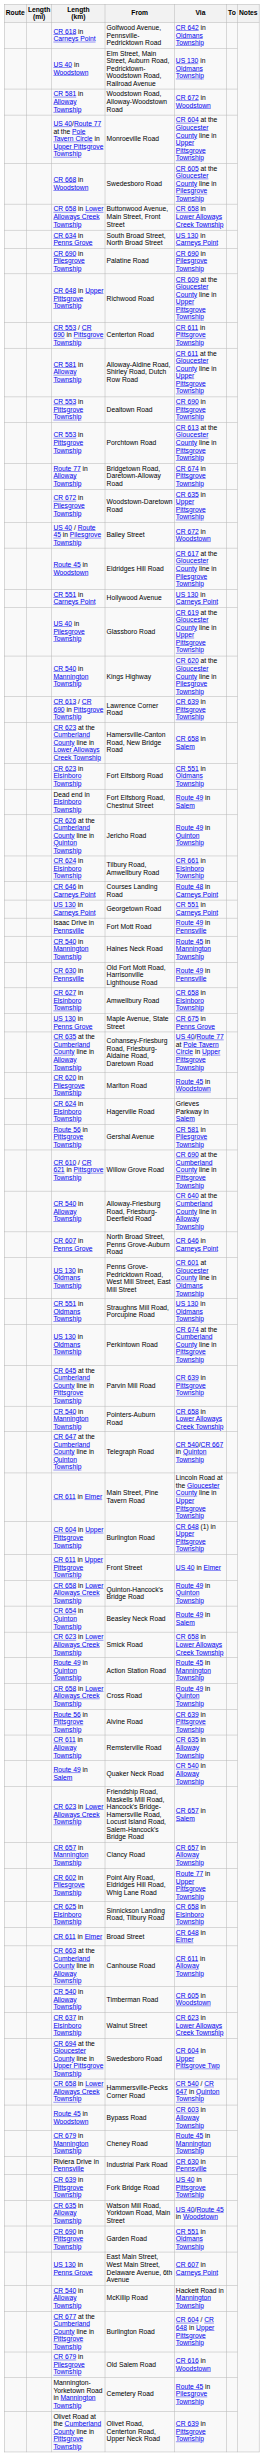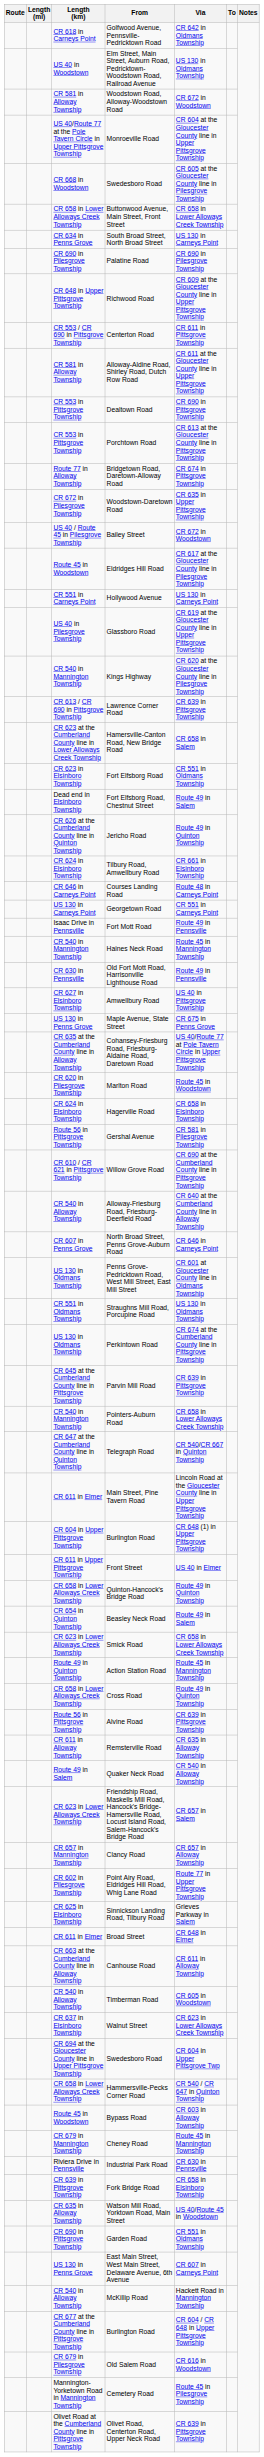 <table class="wikitable sortable">
 <tr>
 <th>Route</th>
 <th>Length<br>(mi)</th>
 <th>Length<br>(km)</th>
 <th class="unsortable">From</th>
 <th class="unsortable">Via</th>
 <th class="unsortable">To</th>
 <th class="unsortable">Notes</th>
 </tr>
 <tr>
 <td id="601"></td>
 <td></td>
 <td><a href='#'>CR 618</a> in <a href='#'>Carneys Point</a></td>
 <td>Golfwood Avenue, Pennsville-Pedricktown Road</td>
 <td><a href='#'>CR 642</a> in <a href='#'>Oldmans Township</a></td>
 <td></td>
 </tr>
 <tr>
 <td id="602"></td>
 <td></td>
 <td><a href='#'>US 40</a> in <a href='#'>Woodstown</a></td>
 <td>Elm Street, Main Street, Auburn Road, Pedricktown-Woodstown Road, Railroad Avenue</td>
 <td><a href='#'>US 130</a> in <a href='#'>Oldmans Township</a></td>
 <td></td>
 </tr>
 <tr>
 <td id="603"></td>
 <td></td>
 <td><a href='#'>CR 581</a> in <a href='#'>Alloway Township</a></td>
 <td>Woodstown Road, Alloway-Woodstown Road</td>
 <td><a href='#'>CR 672</a> in <a href='#'>Woodstown</a></td>
 <td></td>
 </tr>
 <tr>
 <td id="604"></td>
 <td></td>
 <td><a href='#'>US 40</a>/<a href='#'>Route 77</a> at the <a href='#'>Pole Tavern Circle</a> in <a href='#'>Upper Pittsgrove Township</a></td>
 <td>Monroeville Road</td>
 <td><a href='#'>CR 604</a> at the <a href='#'>Gloucester County</a> line in <a href='#'>Upper Pittsgrove Township</a></td>
 <td></td>
 </tr>
 <tr>
 <td id="605"></td>
 <td></td>
 <td><a href='#'>CR 668</a> in <a href='#'>Woodstown</a></td>
 <td>Swedesboro Road</td>
 <td><a href='#'>CR 605</a> at the <a href='#'>Gloucester County</a> line in <a href='#'>Pilesgrove Township</a></td>
 <td></td>
 </tr>
 <tr>
 <td id="606"></td>
 <td></td>
 <td><a href='#'>CR 658</a> in <a href='#'>Lower Alloways Creek Township</a></td>
 <td>Buttonwood Avenue, Main Street, Front Street</td>
 <td><a href='#'>CR 658</a> in <a href='#'>Lower Alloways Creek Township</a></td>
 <td></td>
 </tr>
 <tr>
 <td id="607"></td>
 <td></td>
 <td><a href='#'>CR 634</a> in <a href='#'>Penns Grove</a></td>
 <td>South Broad Street, North Broad Street</td>
 <td><a href='#'>US 130</a> in <a href='#'>Carneys Point</a></td>
 <td></td>
 </tr>
 <tr>
 <td id="608"></td>
 <td></td>
 <td><a href='#'>CR 690</a> in <a href='#'>Pilesgrove Township</a></td>
 <td>Palatine Road</td>
 <td><a href='#'>CR 690</a> in <a href='#'>Pilesgrove Township</a></td>
 <td></td>
 </tr>
 <tr>
 <td id="609"></td>
 <td></td>
 <td><a href='#'>CR 648</a> in <a href='#'>Upper Pittsgrove Township</a></td>
 <td>Richwood Road</td>
 <td><a href='#'>CR 609</a> at the <a href='#'>Gloucester County</a> line in <a href='#'>Upper Pittsgrove Township</a></td>
 <td></td>
 </tr>
 <tr>
 <td id="610"></td>
 <td></td>
 <td><a href='#'>CR 553</a> / <a href='#'>CR 690</a> in <a href='#'>Pittsgrove Township</a></td>
 <td>Centerton Road</td>
 <td><a href='#'>CR 611</a> in <a href='#'>Pittsgrove Township</a></td>
 <td></td>
 </tr>
 <tr>
 <td id="611"></td>
 <td></td>
 <td><a href='#'>CR 581</a> in <a href='#'>Alloway Township</a></td>
 <td>Alloway-Aldine Road, Shirley Road, Dutch Row Road</td>
 <td><a href='#'>CR 611</a> at the <a href='#'>Gloucester County</a> line in <a href='#'>Upper Pittsgrove Township</a></td>
 <td></td>
 </tr>
 <tr>
 <td id="612"></td>
 <td></td>
 <td><a href='#'>CR 553</a> in <a href='#'>Pittsgrove Township</a></td>
 <td>Dealtown Road</td>
 <td><a href='#'>CR 690</a> in <a href='#'>Pittsgrove Township</a></td>
 <td></td>
 </tr>
 <tr>
 <td id="613"></td>
 <td></td>
 <td><a href='#'>CR 553</a> in <a href='#'>Pittsgrove Township</a></td>
 <td>Porchtown Road</td>
 <td><a href='#'>CR 613</a> at the <a href='#'>Gloucester County</a> line in <a href='#'>Pittsgrove Township</a></td>
 <td></td>
 </tr>
 <tr>
 <td id="614"></td>
 <td></td>
 <td><a href='#'>Route 77</a> in <a href='#'>Alloway Township</a></td>
 <td>Bridgetown Road, Daretown-Alloway Road</td>
 <td><a href='#'>CR 674</a> in <a href='#'>Pittsgrove Township</a></td>
 <td></td>
 </tr>
 <tr>
 <td id="615"></td>
 <td></td>
 <td><a href='#'>CR 672</a> in <a href='#'>Pilesgrove Township</a></td>
 <td>Woodstown-Daretown Road</td>
 <td><a href='#'>CR 635</a> in <a href='#'>Upper Pittsgrove Township</a></td>
 <td></td>
 </tr>
 <tr>
 <td id="616"></td>
 <td></td>
 <td><a href='#'>US 40</a> / <a href='#'>Route 45</a> in <a href='#'>Pilesgrove Township</a></td>
 <td>Bailey Street</td>
 <td><a href='#'>CR 672</a> in <a href='#'>Woodstown</a></td>
 <td></td>
 </tr>
 <tr>
 <td id="617"></td>
 <td></td>
 <td><a href='#'>Route 45</a> in <a href='#'>Woodstown</a></td>
 <td>Eldridges Hill Road</td>
 <td><a href='#'>CR 617</a> at the <a href='#'>Gloucester County</a> line in <a href='#'>Pilesgrove Township</a></td>
 <td></td>
 </tr>
 <tr>
 <td id="618"></td>
 <td></td>
 <td><a href='#'>CR 551</a> in <a href='#'>Carneys Point</a></td>
 <td>Hollywood Avenue</td>
 <td><a href='#'>US 130</a> in <a href='#'>Carneys Point</a></td>
 <td></td>
 </tr>
 <tr>
 <td id="619"></td>
 <td></td>
 <td><a href='#'>US 40</a> in <a href='#'>Pilesgrove Township</a></td>
 <td>Glassboro Road</td>
 <td><a href='#'>CR 619</a> at the <a href='#'>Gloucester County</a> line in <a href='#'>Upper Pittsgrove Township</a></td>
 <td></td>
 </tr>
 <tr>
 <td id="620"></td>
 <td></td>
 <td><a href='#'>CR 540</a> in <a href='#'>Mannington Township</a></td>
 <td>Kings Highway</td>
 <td><a href='#'>CR 620</a> at the <a href='#'>Gloucester County</a> line in <a href='#'>Pilesgrove Township</a></td>
 <td></td>
 </tr>
 <tr>
 <td id="621"></td>
 <td></td>
 <td><a href='#'>CR 613</a> / <a href='#'>CR 690</a> in <a href='#'>Pittsgrove Township</a></td>
 <td>Lawrence Corner Road</td>
 <td><a href='#'>CR 639</a> in <a href='#'>Pittsgrove Township</a></td>
 <td></td>
 </tr>
 <tr>
 <td id="623"></td>
 <td></td>
 <td><a href='#'>CR 623</a> at the <a href='#'>Cumberland County</a> line in <a href='#'>Lower Alloways Creek Township</a></td>
 <td>Hamersville-Canton Road, New Bridge Road</td>
 <td><a href='#'>CR 658</a> in <a href='#'>Salem</a></td>
 <td></td>
 </tr>
 <tr>
 <td id="624"></td>
 <td></td>
 <td><a href='#'>CR 623</a> in <a href='#'>Elsinboro Township</a></td>
 <td>Fort Elfsborg Road</td>
 <td><a href='#'>CR 551</a> in <a href='#'>Oldmans Township</a></td>
 <td></td>
 </tr>
 <tr>
 <td id="625"></td>
 <td></td>
 <td>Dead end in <a href='#'>Elsinboro Township</a></td>
 <td>Fort Elfsborg Road, Chestnut Street</td>
 <td><a href='#'>Route 49</a> in <a href='#'>Salem</a></td>
 <td></td>
 </tr>
 <tr>
 <td id="626"></td>
 <td></td>
 <td><a href='#'>CR 626</a> at the <a href='#'>Cumberland County</a> line in <a href='#'>Quinton Township</a></td>
 <td>Jericho Road</td>
 <td><a href='#'>Route 49</a> in <a href='#'>Quinton Township</a></td>
 <td></td>
 </tr>
 <tr>
 <td id="627"></td>
 <td></td>
 <td><a href='#'>CR 624</a> in <a href='#'>Elsinboro Township</a></td>
 <td>Tilbury Road, Amwellbury Road</td>
 <td><a href='#'>CR 661</a> in <a href='#'>Elsinboro Township</a></td>
 <td></td>
 </tr>
 <tr>
 <td id="628"></td>
 <td></td>
 <td><a href='#'>CR 646</a> in <a href='#'>Carneys Point</a></td>
 <td>Courses Landing Road</td>
 <td><a href='#'>Route 48</a> in <a href='#'>Carneys Point</a></td>
 <td></td>
 </tr>
 <tr>
 <td id="629"></td>
 <td></td>
 <td><a href='#'>US 130</a> in <a href='#'>Carneys Point</a></td>
 <td>Georgetown Road</td>
 <td><a href='#'>CR 551</a> in <a href='#'>Carneys Point</a></td>
 <td></td>
 </tr>
 <tr>
 <td id="630"></td>
 <td></td>
 <td>Isaac Drive in <a href='#'>Pennsville</a></td>
 <td>Fort Mott Road</td>
 <td><a href='#'>Route 49</a> in <a href='#'>Pennsville</a></td>
 <td></td>
 </tr>
 <tr>
 <td id="631"></td>
 <td></td>
 <td><a href='#'>CR 540</a> in <a href='#'>Mannington Township</a></td>
 <td>Haines Neck Road</td>
 <td><a href='#'>Route 45</a> in <a href='#'>Mannington Township</a></td>
 <td></td>
 </tr>
 <tr>
 <td id="632"></td>
 <td></td>
 <td><a href='#'>CR 630</a> in <a href='#'>Pennsville</a></td>
 <td>Old Fort Mott Road, Harrisonville Lighthouse Road</td>
 <td><a href='#'>Route 49</a> in <a href='#'>Pennsville</a></td>
 <td></td>
 </tr>
 <tr>
 <td id="633"></td>
 <td></td>
 <td><a href='#'>CR 627</a> in <a href='#'>Elsinboro Township</a></td>
 <td>Amwellbury Road</td>
-<td><a href='#'>CR 658</a> in <a href='#'>Elsinboro Township</a></td>
+<td><a href='#'>US 40</a> in <a href='#'>Pittsgrove Township</a></td>
 <td></td>
 </tr>
 <tr>
 <td id="634"></td>
 <td></td>
 <td><a href='#'>US 130</a> in <a href='#'>Penns Grove</a></td>
 <td>Maple Avenue, State Street</td>
 <td><a href='#'>CR 675</a> in <a href='#'>Penns Grove</a></td>
 <td></td>
 </tr>
 <tr>
 <td id="635"></td>
 <td></td>
 <td><a href='#'>CR 635</a> at the <a href='#'>Cumberland County</a> line in <a href='#'>Alloway Township</a></td>
 <td>Cohansey-Friesburg Road, Friesburg-Aldaine Road, Daretown Road</td>
 <td><a href='#'>US 40</a>/<a href='#'>Route 77</a> at <a href='#'>Pole Tavern Circle</a> in <a href='#'>Upper Pittsgrove Township</a></td>
 <td></td>
 </tr>
 <tr>
 <td id="636"></td>
 <td></td>
 <td><a href='#'>CR 620</a> in <a href='#'>Pilesgrove Township</a></td>
 <td>Marlton Road</td>
 <td><a href='#'>Route 45</a> in <a href='#'>Woodstown</a></td>
 <td></td>
 </tr>
 <tr>
 <td id="637"></td>
 <td></td>
 <td><a href='#'>CR 624</a> in <a href='#'>Elsinboro Township</a></td>
 <td>Hagerville Road</td>
-<td>Grieves Parkway in <a href='#'>Salem</a></td>
+<td><a href='#'>CR 658</a> in <a href='#'>Elsinboro Township</a></td>
 <td></td>
 </tr>
 <tr>
 <td id="638"></td>
 <td></td>
 <td><a href='#'>Route 56</a> in <a href='#'>Pittsgrove Township</a></td>
 <td>Gershal Avenue</td>
 <td><a href='#'>CR 581</a> in <a href='#'>Pilesgrove Township</a></td>
 <td></td>
 </tr>
 <tr>
 <td id="639"></td>
 <td></td>
 <td><a href='#'>CR 610</a> / <a href='#'>CR 621</a> in <a href='#'>Pittsgrove Township</a></td>
 <td>Willow Grove Road</td>
 <td><a href='#'>CR 690</a> at the <a href='#'>Cumberland County</a> line in <a href='#'>Pittsgrove Township</a></td>
 <td></td>
 </tr>
 <tr>
 <td id="640"></td>
 <td></td>
 <td><a href='#'>CR 540</a> in <a href='#'>Alloway Township</a></td>
 <td>Alloway-Friesburg Road, Friesburg-Deerfield Road</td>
 <td><a href='#'>CR 640</a> at the <a href='#'>Cumberland County</a> line in <a href='#'>Alloway Township</a></td>
 <td></td>
 </tr>
 <tr>
 <td id="641"></td>
 <td></td>
 <td><a href='#'>CR 607</a> in <a href='#'>Penns Grove</a></td>
 <td>North Broad Street, Penns Grove-Auburn Road</td>
 <td><a href='#'>CR 646</a> in <a href='#'>Carneys Point</a></td>
 <td></td>
 </tr>
 <tr>
 <td id="642"></td>
 <td></td>
 <td><a href='#'>US 130</a> in <a href='#'>Oldmans Township</a></td>
 <td>Penns Grove-Pedricktown Road, West Mill Street, East Mill Street</td>
 <td><a href='#'>CR 601</a> at <a href='#'>Gloucester County</a> line in <a href='#'>Oldmans Township</a></td>
 <td></td>
 </tr>
 <tr>
 <td id="643"></td>
 <td></td>
 <td><a href='#'>CR 551</a> in <a href='#'>Oldmans Township</a></td>
 <td>Straughns Mill Road, Porcupine Road</td>
 <td><a href='#'>US 130</a> in <a href='#'>Oldmans Township</a></td>
 <td></td>
 </tr>
 <tr>
 <td id="644"></td>
 <td></td>
 <td><a href='#'>US 130</a> in <a href='#'>Oldmans Township</a></td>
 <td>Perkintown Road</td>
 <td><a href='#'>CR 674</a> at the <a href='#'>Cumberland County</a> line in <a href='#'>Pittsgrove Township</a></td>
 <td></td>
 </tr>
 <tr>
 <td id="645"></td>
 <td></td>
 <td><a href='#'>CR 645</a> at the <a href='#'>Cumberland County</a> line in <a href='#'>Pittsgrove Township</a></td>
 <td>Parvin Mill Road</td>
 <td><a href='#'>CR 639</a> in <a href='#'>Pittsgrove Township</a></td>
 <td></td>
 </tr>
 <tr>
 <td id="646"></td>
 <td></td>
 <td><a href='#'>CR 540</a> in <a href='#'>Mannington Township</a></td>
 <td>Pointers-Auburn Road</td>
 <td><a href='#'>CR 658</a> in <a href='#'>Lower Alloways Creek Township</a></td>
 <td></td>
 </tr>
 <tr>
 <td id="647"></td>
 <td></td>
 <td><a href='#'>CR 647</a> at the <a href='#'>Cumberland County</a> line in <a href='#'>Quinton Township</a></td>
 <td>Telegraph Road</td>
 <td><a href='#'>CR 540</a>/<a href='#'>CR 667</a> in <a href='#'>Quinton Township</a></td>
 <td></td>
 </tr>
 <tr>
 <td id="648-1"></td>
 <td></td>
 <td><a href='#'>CR 611</a> in <a href='#'>Elmer</a></td>
 <td>Main Street, Pine Tavern Road</td>
 <td>Lincoln Road at the <a href='#'>Gloucester County</a> line in <a href='#'>Upper Pittsgrove Township</a></td>
 <td></td>
 </tr>
 <tr>
 <td id="648-2"></td>
 <td></td>
 <td><a href='#'>CR 604</a> in <a href='#'>Upper Pittsgrove Township</a></td>
 <td>Burlington Road</td>
 <td><a href='#'>CR 648</a> (1) in <a href='#'>Upper Pittsgrove Township</a></td>
 <td></td>
 </tr>
 <tr>
 <td id="649"></td>
 <td></td>
 <td><a href='#'>CR 611</a> in <a href='#'>Upper Pittsgrove Township</a></td>
 <td>Front Street</td>
 <td><a href='#'>US 40</a> in <a href='#'>Elmer</a></td>
 <td></td>
 </tr>
 <tr>
 <td id="650"></td>
 <td></td>
 <td><a href='#'>CR 658</a> in <a href='#'>Lower Alloways Creek Township</a></td>
 <td>Quinton-Hancock's Bridge Road</td>
 <td><a href='#'>Route 49</a> in <a href='#'>Quinton Township</a></td>
 <td></td>
 </tr>
 <tr>
 <td id="651"></td>
 <td></td>
 <td><a href='#'>CR 654</a> in <a href='#'>Quinton Township</a></td>
 <td>Beasley Neck Road</td>
 <td><a href='#'>Route 49</a> in <a href='#'>Salem</a></td>
 <td></td>
 </tr>
 <tr>
 <td id="652"></td>
 <td></td>
 <td><a href='#'>CR 623</a> in <a href='#'>Lower Alloways Creek Township</a></td>
 <td>Smick Road</td>
 <td><a href='#'>CR 658</a> in <a href='#'>Lower Alloways Creek Township</a></td>
 <td></td>
 </tr>
 <tr>
 <td id="653"></td>
 <td></td>
 <td><a href='#'>Route 49</a> in <a href='#'>Quinton Township</a></td>
 <td>Action Station Road</td>
 <td><a href='#'>Route 45</a> in <a href='#'>Mannington Township</a></td>
 <td></td>
 </tr>
 <tr>
 <td id="654"></td>
 <td></td>
 <td><a href='#'>CR 658</a> in <a href='#'>Lower Alloways Creek Township</a></td>
 <td>Cross Road</td>
 <td><a href='#'>Route 49</a> in <a href='#'>Quinton Township</a></td>
 <td></td>
 </tr>
 <tr>
 <td id="655"></td>
 <td></td>
 <td><a href='#'>Route 56</a> in <a href='#'>Pittsgrove Township</a></td>
 <td>Alvine Road</td>
 <td><a href='#'>CR 639</a> in <a href='#'>Pittsgrove Township</a></td>
 <td></td>
 </tr>
 <tr>
 <td id="656"></td>
 <td></td>
 <td><a href='#'>CR 611</a> in <a href='#'>Alloway Township</a></td>
 <td>Remsterville Road</td>
 <td><a href='#'>CR 635</a> in <a href='#'>Alloway Township</a></td>
 <td></td>
 </tr>
 <tr>
 <td id="657"></td>
 <td></td>
 <td><a href='#'>Route 49</a> in <a href='#'>Salem</a></td>
 <td>Quaker Neck Road</td>
 <td><a href='#'>CR 540</a> in <a href='#'>Alloway Township</a></td>
 <td></td>
 </tr>
 <tr>
 <td id="658"></td>
 <td></td>
 <td><a href='#'>CR 623</a> in <a href='#'>Lower Alloways Creek Township</a></td>
 <td>Friendship Road, Maskells Mill Road, Hancock's Bridge-Hamersville Road, Locust Island Road, Salem-Hancock's Bridge Road</td>
 <td><a href='#'>CR 657</a> in <a href='#'>Salem</a></td>
 <td></td>
 </tr>
 <tr>
 <td id="659"></td>
 <td></td>
 <td><a href='#'>CR 657</a> in <a href='#'>Mannington Township</a></td>
 <td>Clancy Road</td>
 <td><a href='#'>CR 657</a> in <a href='#'>Alloway Township</a></td>
 <td></td>
 </tr>
 <tr>
 <td id="660"></td>
 <td></td>
 <td><a href='#'>CR 602</a> in <a href='#'>Pilesgrove Township</a></td>
 <td>Point Airy Road, Eldridges Hill Road, Whig Lane Road</td>
 <td><a href='#'>Route 77</a> in <a href='#'>Upper Pittsgrove Township</a></td>
 <td></td>
 </tr>
 <tr>
 <td id="661"></td>
 <td></td>
 <td><a href='#'>CR 625</a> in <a href='#'>Elsinboro Township</a></td>
 <td>Sinnickson Landing Road, Tilbury Road</td>
-<td><a href='#'>CR 658</a> in <a href='#'>Elsinboro Township</a></td>
+<td>Grieves Parkway in <a href='#'>Salem</a></td>
 <td></td>
 </tr>
 <tr>
 <td id="662"></td>
 <td></td>
 <td><a href='#'>CR 611</a> in <a href='#'>Elmer</a></td>
 <td>Broad Street</td>
 <td><a href='#'>CR 648</a> in <a href='#'>Elmer</a></td>
 <td></td>
 </tr>
 <tr>
 <td id="663"></td>
 <td></td>
 <td><a href='#'>CR 663</a> at the <a href='#'>Cumberland County</a> line in <a href='#'>Alloway Township</a></td>
 <td>Canhouse Road</td>
 <td><a href='#'>CR 611</a> in <a href='#'>Alloway Township</a></td>
 <td></td>
 </tr>
 <tr>
 <td id="664"></td>
 <td></td>
 <td><a href='#'>CR 540</a> in <a href='#'>Alloway Township</a></td>
 <td>Timberman Road</td>
 <td><a href='#'>CR 605</a> in <a href='#'>Woodstown</a></td>
 <td></td>
 </tr>
 <tr>
 <td id="665"></td>
 <td></td>
 <td><a href='#'>CR 637</a> in <a href='#'>Elsinboro Township</a></td>
 <td>Walnut Street</td>
 <td><a href='#'>CR 623</a> in <a href='#'>Lower Alloways Creek Township</a></td>
 <td></td>
 </tr>
 <tr>
 <td id="666"></td>
 <td></td>
 <td><a href='#'>CR 694</a> at the <a href='#'>Gloucester County</a> line in <a href='#'>Upper Pittsgrove Township</a></td>
 <td>Swedesboro Road</td>
 <td><a href='#'>CR 604</a> in <a href='#'>Upper Pittsgrove Twp</a></td>
 <td></td>
 </tr>
 <tr>
 <td id="667"></td>
 <td></td>
 <td><a href='#'>CR 658</a> in <a href='#'>Lower Alloways Creek Township</a></td>
 <td>Hammersville-Pecks Corner Road</td>
 <td><a href='#'>CR 540</a> / <a href='#'>CR 647</a> in <a href='#'>Quinton Township</a></td>
 <td></td>
 </tr>
 <tr>
 <td id="668"></td>
 <td></td>
 <td><a href='#'>Route 45</a> in <a href='#'>Woodstown</a></td>
 <td>Bypass Road</td>
 <td><a href='#'>CR 603</a> in <a href='#'>Alloway Township</a></td>
 <td></td>
 </tr>
 <tr>
 <td id="669"></td>
 <td></td>
 <td><a href='#'>CR 679</a> in <a href='#'>Mannington Township</a></td>
 <td>Cheney Road</td>
 <td><a href='#'>Route 45</a> in <a href='#'>Mannington Township</a></td>
 <td></td>
 </tr>
 <tr>
 <td id="670"></td>
 <td></td>
 <td>Riviera Drive in <a href='#'>Pennsville</a></td>
 <td>Industrial Park Road</td>
 <td><a href='#'>CR 630</a> in <a href='#'>Pennsville</a></td>
 <td></td>
 </tr>
 <tr>
 <td id="671"></td>
 <td></td>
 <td><a href='#'>CR 639</a> in <a href='#'>Pittsgrove Township</a></td>
 <td>Fork Bridge Road</td>
-<td><a href='#'>US 40</a> in <a href='#'>Pittsgrove Township</a></td>
+<td><a href='#'>CR 658</a> in <a href='#'>Elsinboro Township</a></td>
 <td></td>
 </tr>
 <tr>
 <td id="672"></td>
 <td></td>
 <td><a href='#'>CR 635</a> in <a href='#'>Alloway Township</a></td>
 <td>Watson Mill Road, Yorktown Road, Main Street</td>
 <td><a href='#'>US 40</a>/<a href='#'>Route 45</a> in <a href='#'>Woodstown</a></td>
 <td></td>
 </tr>
 <tr>
 <td id="674"></td>
 <td></td>
 <td><a href='#'>CR 690</a> in <a href='#'>Pittsgrove Township</a></td>
 <td>Garden Road</td>
 <td><a href='#'>CR 551</a> in <a href='#'>Oldmans Township</a></td>
 <td></td>
 </tr>
 <tr>
 <td id="675"></td>
 <td></td>
 <td><a href='#'>US 130</a> in <a href='#'>Penns Grove</a></td>
 <td>East Main Street, West Main Street, Delaware Avenue, 6th Avenue</td>
 <td><a href='#'>CR 607</a> in <a href='#'>Carneys Point</a></td>
 <td></td>
 </tr>
 <tr>
 <td id="676"></td>
 <td></td>
 <td><a href='#'>CR 540</a> in <a href='#'>Alloway Township</a></td>
 <td>McKillip Road</td>
 <td>Hackett Road in <a href='#'>Mannington Township</a></td>
 <td></td>
 </tr>
 <tr>
 <td id="677"></td>
 <td></td>
 <td><a href='#'>CR 677</a> at the <a href='#'>Cumberland County</a> line in <a href='#'>Pittsgrove Township</a></td>
 <td>Burlington Road</td>
 <td><a href='#'>CR 604</a> / <a href='#'>CR 648</a> in <a href='#'>Upper Pittsgrove Township</a></td>
 <td></td>
 </tr>
 <tr>
 <td id="678"></td>
 <td></td>
 <td><a href='#'>CR 679</a> in <a href='#'>Pilesgrove Township</a></td>
 <td>Old Salem Road</td>
 <td><a href='#'>CR 616</a> in <a href='#'>Woodstown</a></td>
 <td></td>
 </tr>
 <tr>
 <td id="679"></td>
 <td></td>
 <td>Mannington-Yorketown Road in <a href='#'>Mannington Township</a></td>
 <td>Cemetery Road</td>
 <td><a href='#'>Route 45</a> in <a href='#'>Pilesgrove Township</a></td>
 <td></td>
 </tr>
 <tr>
 <td id="690"></td>
 <td></td>
 <td>Olivet Road at the <a href='#'>Cumberland County</a> line in <a href='#'>Pittsgrove Township</a></td>
 <td>Olivet Road, Centerton Road, Upper Neck Road</td>
 <td><a href='#'>CR 639</a> in <a href='#'>Pittsgrove Township</a></td>
 <td></td>
 </tr>
 </table>
